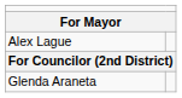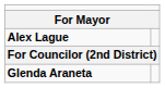 <table class=wikitable style="font-size:90%">
 <tr>
 <td colspan=4 bgcolor=></td>
 </tr>
 <tr>
 <th colspan=3>For Mayor</th>
 </tr>
 <tr>
-<td>Alex Lague</td>
+<td><strong>Alex Lague</strong></td>
 <td></td>
 </tr>
 <tr>
 <th colspan=3>For Councilor (2nd District)</th>
 </tr>
 <tr>
-<td>Glenda Araneta</td>
+<td><strong>Glenda Araneta</strong></td>
 <td></td>
 </tr>
 </table>
